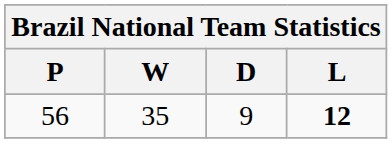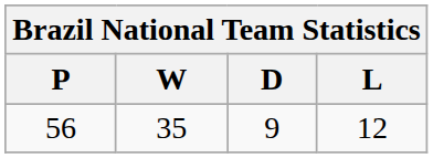 <table class=wikitable>
 <tr>
 <th colspan=4>Brazil National Team Statistics</th>
 </tr>
 <tr>
 <th>P</th>
 <th>W</th>
 <th>D</th>
 <th>L</th>
 </tr>
 <tr style="text-align:center">
 <td>56</td>
 <td>35</td>
 <td>9</td>
-<td><strong>12</strong></td>
+<td>12</td>
 </tr>
 </table>
